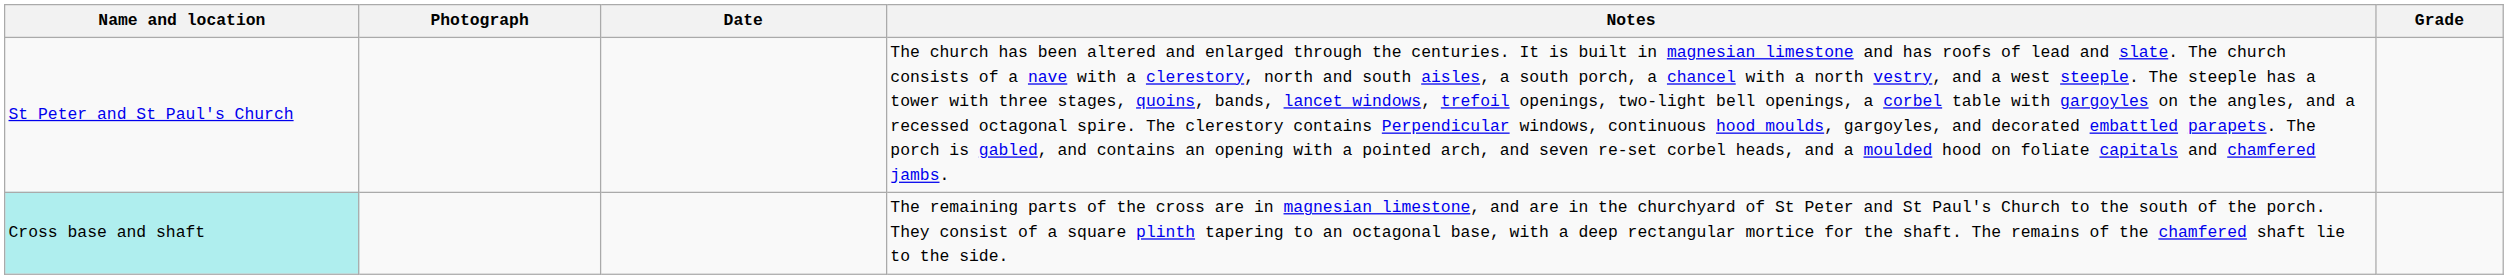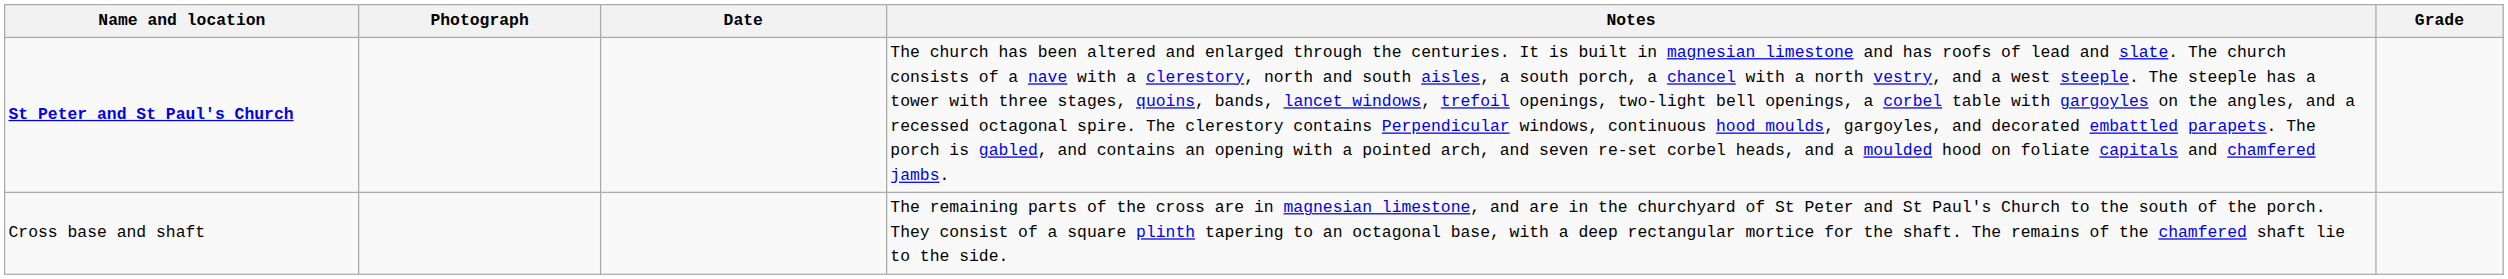 <table class="wikitable sortable plainrowheaders" style="width:100%; border:0px; text-align:left; line-height:150%">
 <tr>
 <th scope="col"  style="width:150px">Name and location</th>
 <th scope="col"  style="width:100px" class="unsortable">Photograph</th>
 <th scope="col"  style="width:120px">Date</th>
 <th scope="col"  style="width:650px" class="unsortable">Notes</th>
 <th scope="col"  style="width:50px">Grade</th>
 </tr>
 <tr>
-<td><a href='#'>St Peter and St Paul's Church</a><br><small></small></td>
+<td><strong><a href='#'>St Peter and St Paul's Church</a><br><small></small></strong></td>
 <td></td>
 <td align="center"></td>
 <td>The church has been altered and enlarged through the centuries.  It is built in <a href='#'>magnesian limestone</a> and has roofs of lead and <a href='#'>slate</a>.  The church consists of  a <a href='#'>nave</a> with a <a href='#'>clerestory</a>, north and south <a href='#'>aisles</a>, a south porch, a <a href='#'>chancel</a> with a north <a href='#'>vestry</a>, and a west <a href='#'>steeple</a>.  The steeple has a tower with three stages, <a href='#'>quoins</a>, bands, <a href='#'>lancet windows</a>, <a href='#'>trefoil</a> openings, two-light bell openings, a <a href='#'>corbel</a> table with <a href='#'>gargoyles</a> on the angles, and a recessed octagonal spire.  The clerestory contains <a href='#'>Perpendicular</a> windows, continuous <a href='#'>hood moulds</a>, gargoyles, and decorated <a href='#'>embattled</a> <a href='#'>parapets</a>.  The porch is <a href='#'>gabled</a>, and contains an opening with a pointed arch, and seven re-set corbel heads, and a <a href='#'>moulded</a> hood on foliate <a href='#'>capitals</a> and <a href='#'>chamfered</a> <a href='#'>jambs</a>.</td>
 <td align="center" ></td>
 </tr>
 <tr>
-<td style="background: paleturquoise;">Cross base and shaft<br><small></small></td>
+<td>Cross base and shaft<br><small></small></td>
 <td></td>
 <td align="center"></td>
 <td>The remaining parts of the cross are in <a href='#'>magnesian limestone</a>, and are in the churchyard of St Peter and St Paul's Church to the south of the porch.  They consist of a square <a href='#'>plinth</a> tapering to an octagonal base, with a deep rectangular mortice for the shaft.  The remains of the <a href='#'>chamfered</a> shaft lie to the side.</td>
 <td align="center" ></td>
 </tr>
 <tr>
 </tr>
 </table>
